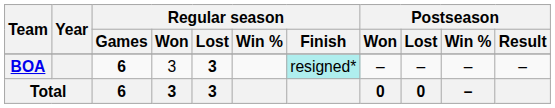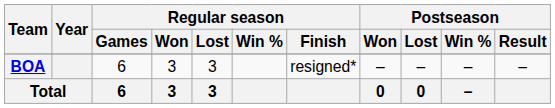 <table class="wikitable" style="font-size: 95%; text-align:center;">
 <tr>
 <th rowspan="2">Team</th>
 <th rowspan="2">Year</th>
 <th colspan="5">Regular season</th>
 <th colspan="4">Postseason</th>
 </tr>
 <tr>
 <th>Games</th>
 <th>Won</th>
 <th>Lost</th>
 <th>Win %</th>
 <th>Finish</th>
 <th>Won</th>
 <th>Lost</th>
 <th>Win %</th>
 <th>Result</th>
 </tr>
 <tr>
 </tr>
 <tr>
 <th><a href='#'>BOA</a></th>
 <th></th>
-<td><strong>6</strong></td>
+<td>6</td>
 <td>3</td>
-<td><strong>3</strong></td>
+<td>3</td>
 <td></td>
-<td style="background: paleturquoise;">resigned*</td>
+<td>resigned*</td>
 <td>–</td>
 <td>–</td>
 <td>–</td>
 <td>–</td>
 </tr>
 <tr>
 <th colspan="2">Total</th>
 <th>6</th>
 <th>3</th>
 <th>3</th>
 <th></th>
 <th></th>
 <th>0</th>
 <th>0</th>
 <th>–</th>
 <th></th>
 </tr>
 </table>
